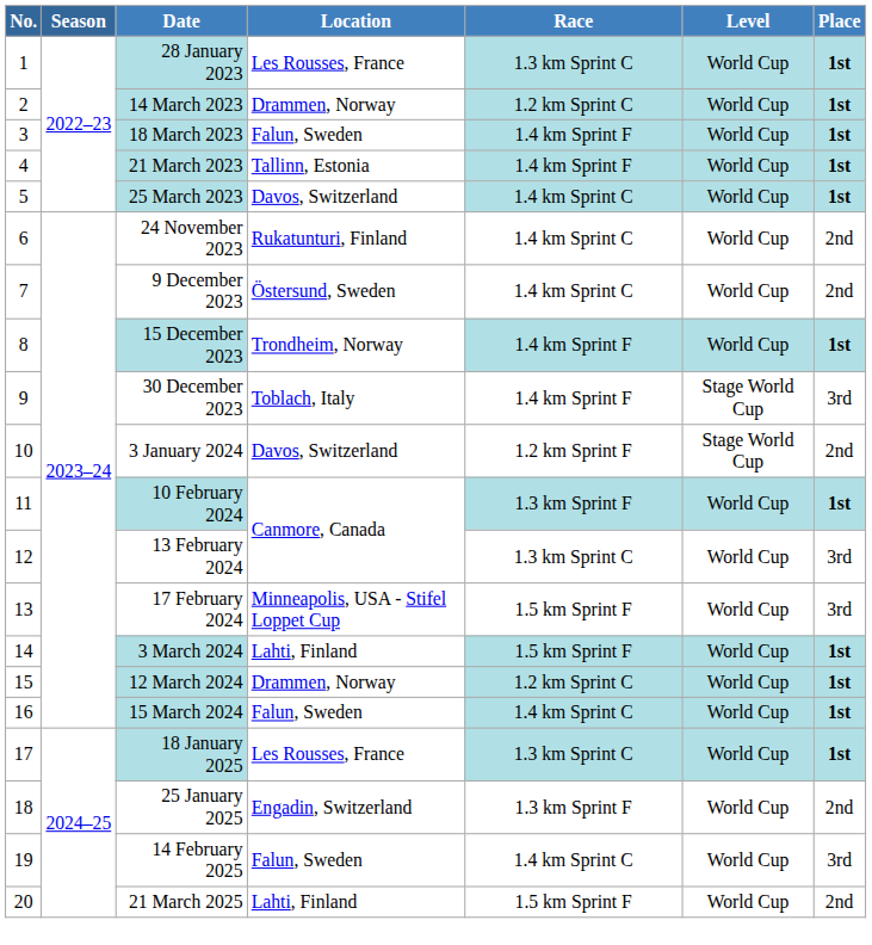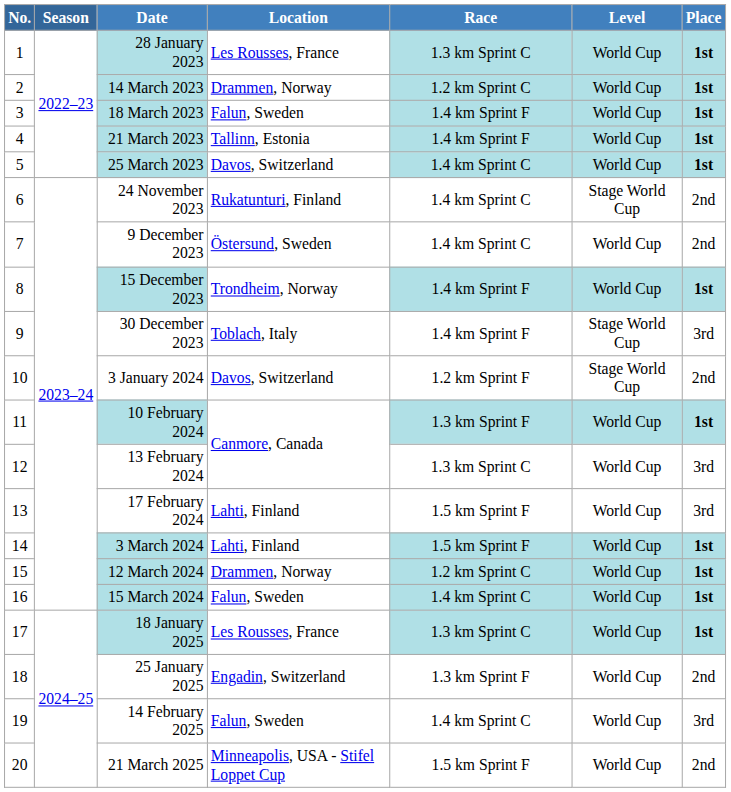 <table class="wikitable sortable" style="font-size:95%; text-align:center; border:grey solid 1px; border-collapse:collapse; background:#ffffff;">
 <tr style="background:#efefef;">
 <th style="background-color:#369; color:white;">No.</th>
 <th style="background-color:#369; color:white;">Season</th>
 <th style="background-color:#4180be; color:white; width:100px;">Date</th>
 <th style="background-color:#4180be; color:white; width:170px;">Location</th>
 <th style="background-color:#4180be; color:white; width:170px;">Race</th>
 <th style="background-color:#4180be; color:white; width:100px;">Level</th>
 <th style="background-color:#4180be; color:white;">Place</th>
 </tr>
 <tr>
 <td align=center>1</td>
 <td rowspan=5 align=center><a href='#'>2022–23</a></td>
 <td bgcolor="#BOEOE6" align=right>28 January 2023</td>
 <td align=left> <a href='#'>Les Rousses</a>, France</td>
 <td bgcolor="#BOEOE6">1.3 km Sprint C</td>
 <td bgcolor="#BOEOE6">World Cup</td>
 <td bgcolor="#BOEOE6"><strong>1st</strong></td>
 </tr>
 <tr>
 <td align=center>2</td>
 <td bgcolor="#BOEOE6" align=right>14 March 2023</td>
 <td align=left> <a href='#'>Drammen</a>, Norway</td>
 <td bgcolor="#BOEOE6">1.2 km Sprint C</td>
 <td bgcolor="#BOEOE6">World Cup</td>
 <td bgcolor="#BOEOE6"><strong>1st</strong></td>
 </tr>
 <tr>
 <td align=center>3</td>
 <td bgcolor="#BOEOE6" align=right>18 March 2023</td>
 <td align=left> <a href='#'>Falun</a>, Sweden</td>
 <td bgcolor="#BOEOE6">1.4 km Sprint F</td>
 <td bgcolor="#BOEOE6">World Cup</td>
 <td bgcolor="#BOEOE6"><strong>1st</strong></td>
 </tr>
 <tr>
 <td align=center>4</td>
 <td bgcolor="#BOEOE6" align=right>21 March 2023</td>
 <td align=left> <a href='#'>Tallinn</a>, Estonia</td>
 <td bgcolor="#BOEOE6">1.4 km Sprint F</td>
 <td bgcolor="#BOEOE6">World Cup</td>
 <td bgcolor="#BOEOE6"><strong>1st</strong></td>
 </tr>
 <tr>
 <td align=center>5</td>
 <td bgcolor="#BOEOE6" align=right>25 March 2023</td>
 <td align=left> <a href='#'>Davos</a>, Switzerland</td>
 <td bgcolor="#BOEOE6">1.4 km Sprint C</td>
 <td bgcolor="#BOEOE6">World Cup</td>
 <td bgcolor="#BOEOE6"><strong>1st</strong></td>
 </tr>
 <tr>
 <td align=center>6</td>
 <td rowspan=11 align=center><a href='#'>2023–24</a></td>
 <td align=right>24 November 2023</td>
 <td align=left> <a href='#'>Rukatunturi</a>, Finland</td>
 <td>1.4 km Sprint C</td>
-<td>World Cup</td>
+<td>Stage World Cup</td>
 <td>2nd</td>
 </tr>
 <tr>
 <td align=center>7</td>
 <td align=right>9 December 2023</td>
 <td align=left> <a href='#'>Östersund</a>, Sweden</td>
 <td>1.4 km Sprint C</td>
 <td>World Cup</td>
 <td>2nd</td>
 </tr>
 <tr>
 <td align=center>8</td>
 <td bgcolor="#BOEOE6" align=right>15 December 2023</td>
 <td align=left> <a href='#'>Trondheim</a>, Norway</td>
 <td bgcolor="#BOEOE6">1.4 km Sprint F</td>
 <td bgcolor="#BOEOE6">World Cup</td>
 <td bgcolor="#BOEOE6"><strong>1st</strong></td>
 </tr>
 <tr>
 <td align=center>9</td>
 <td align=right>30 December 2023</td>
 <td align=left> <a href='#'>Toblach</a>, Italy</td>
 <td>1.4 km Sprint F</td>
 <td>Stage World Cup</td>
 <td>3rd</td>
 </tr>
 <tr>
 <td align=center>10</td>
 <td align=right>3 January 2024</td>
 <td align=left> <a href='#'>Davos</a>, Switzerland</td>
 <td>1.2 km Sprint F</td>
 <td>Stage World Cup</td>
 <td>2nd</td>
 </tr>
 <tr>
 <td align=center>11</td>
 <td bgcolor="#BOEOE6" align=right>10 February 2024</td>
 <td rowspan=2 align=left> <a href='#'>Canmore</a>, Canada</td>
 <td bgcolor="#BOEOE6">1.3 km Sprint F</td>
 <td bgcolor="#BOEOE6">World Cup</td>
 <td bgcolor="#BOEOE6"><strong>1st</strong></td>
 </tr>
 <tr>
 <td align=center>12</td>
 <td align=right>13 February 2024</td>
 <td>1.3 km Sprint C</td>
 <td>World Cup</td>
 <td>3rd</td>
 </tr>
 <tr>
 <td align=center>13</td>
 <td align=right>17 February 2024</td>
-<td align=left> <a href='#'>Minneapolis</a>, USA - <a href='#'>Stifel Loppet Cup</a></td>
+<td align=left> <a href='#'>Lahti</a>, Finland</td>
 <td>1.5 km Sprint F</td>
 <td>World Cup</td>
 <td>3rd</td>
 </tr>
 <tr>
 <td align=center>14</td>
 <td bgcolor="#BOEOE6" align=right>3 March 2024</td>
 <td align=left> <a href='#'>Lahti</a>, Finland</td>
 <td bgcolor="#BOEOE6">1.5 km Sprint F</td>
 <td bgcolor="#BOEOE6">World Cup</td>
 <td bgcolor="#BOEOE6"><strong>1st</strong></td>
 </tr>
 <tr>
 <td align=center>15</td>
 <td bgcolor="#BOEOE6" align=right>12 March 2024</td>
 <td align=left> <a href='#'>Drammen</a>, Norway</td>
 <td bgcolor="#BOEOE6">1.2 km Sprint C</td>
 <td bgcolor="#BOEOE6">World Cup</td>
 <td bgcolor="#BOEOE6"><strong>1st</strong></td>
 </tr>
 <tr>
 <td align=center>16</td>
 <td bgcolor="#BOEOE6" align=right>15 March 2024</td>
 <td align=left> <a href='#'>Falun</a>, Sweden</td>
 <td bgcolor="#BOEOE6">1.4 km Sprint C</td>
 <td bgcolor="#BOEOE6">World Cup</td>
 <td bgcolor="#BOEOE6"><strong>1st</strong></td>
 </tr>
 <tr>
 <td align=center>17</td>
 <td rowspan=4 align=center><a href='#'>2024–25</a></td>
 <td bgcolor="#BOEOE6" align=right>18 January 2025</td>
 <td align=left> <a href='#'>Les Rousses</a>, France</td>
 <td bgcolor="#BOEOE6">1.3 km Sprint C</td>
 <td bgcolor="#BOEOE6">World Cup</td>
 <td bgcolor="#BOEOE6"><strong>1st</strong></td>
 </tr>
 <tr>
 <td align=center>18</td>
 <td align=right>25 January 2025</td>
 <td align=left> <a href='#'>Engadin</a>, Switzerland</td>
 <td>1.3 km Sprint F</td>
 <td>World Cup</td>
 <td>2nd</td>
 </tr>
 <tr>
 <td align=center>19</td>
 <td align=right>14 February 2025</td>
 <td align=left> <a href='#'>Falun</a>, Sweden</td>
 <td>1.4 km Sprint C</td>
 <td>World Cup</td>
 <td>3rd</td>
 </tr>
 <tr>
 <td align=center>20</td>
 <td align=right>21 March 2025</td>
-<td align=left> <a href='#'>Lahti</a>, Finland</td>
+<td align=left> <a href='#'>Minneapolis</a>, USA - <a href='#'>Stifel Loppet Cup</a></td>
 <td>1.5 km Sprint F</td>
 <td>World Cup</td>
 <td>2nd</td>
 </tr>
 </table>
